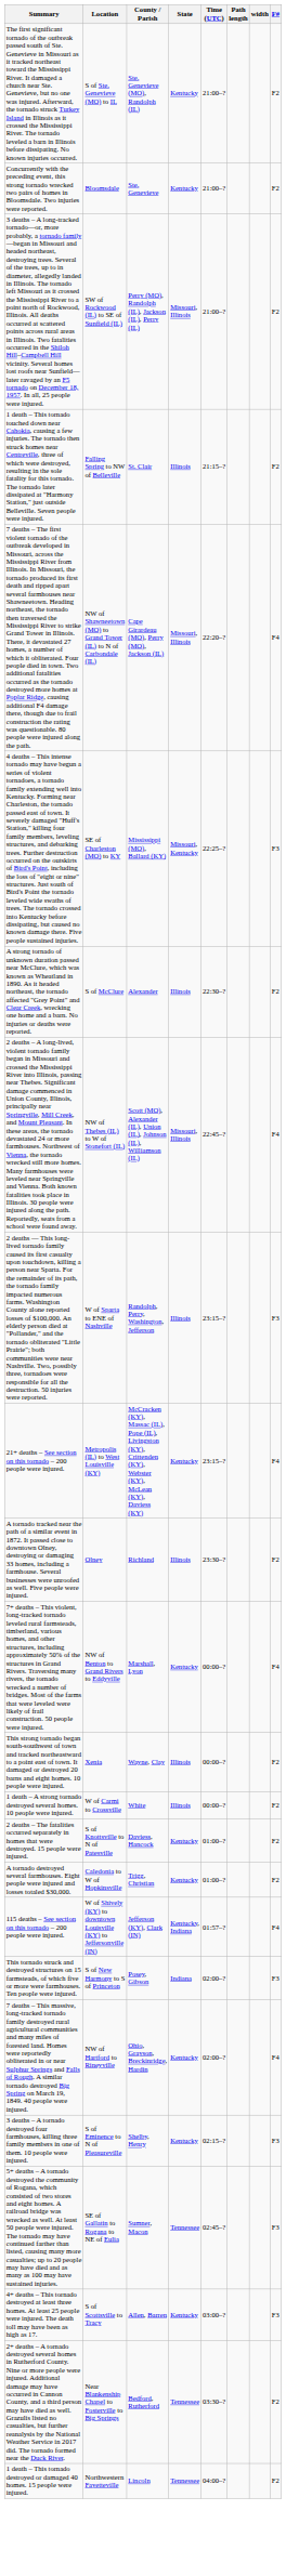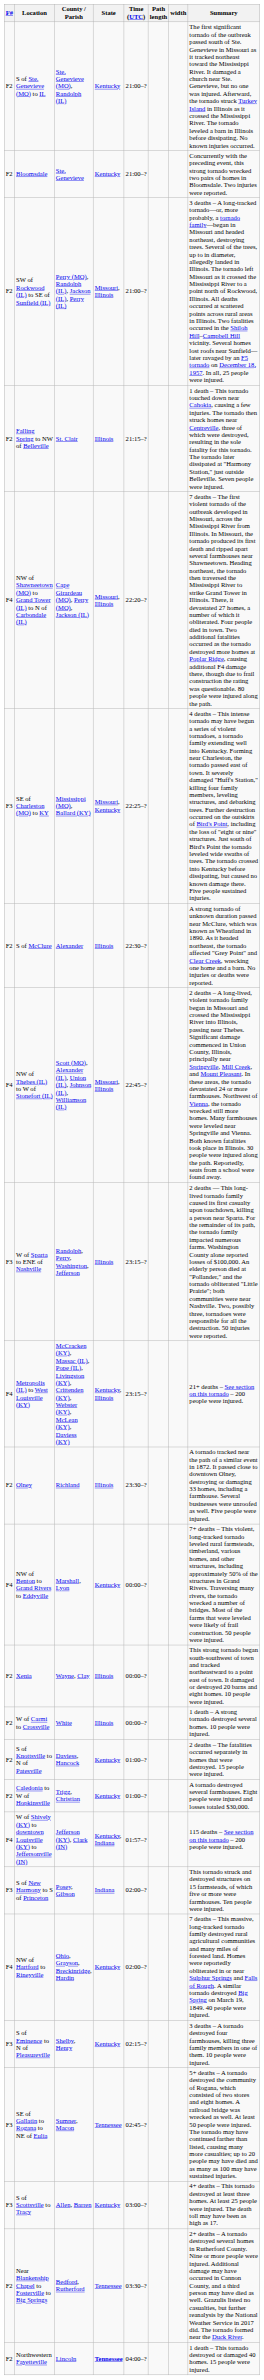 <table class="wikitable sortable" style="width:100%;">
 <tr>
-<th scope="col" class="unsortable" style="width:48%; text-align:center;">Summary</th>
+<th scope="col"  style="width:3%; text-align:center;"><a href='#'>F#</a></th>
 <th scope="col"  style="width:7%; text-align:center;" class="unsortable">Location</th>
 <th scope="col"  style="width:6%; text-align:center;" class="unsortable">County / Parish</th>
 <th scope="col"  style="width:5%; text-align:center;">State</th>
 <th scope="col"  style="width:6%; text-align:center;">Time (<a href='#'>UTC</a>)</th>
 <th scope="col"  style="width:6%; text-align:center;">Path length</th>
 <th scope="col"  style="width:6%; text-align:center;"> width</th>
-<th scope="col"  style="width:3%; text-align:center;"><a href='#'>F#</a></th>
+<th scope="col" class="unsortable" style="width:48%; text-align:center;">Summary</th>
 </tr>
 <tr>
-<td>The first significant tornado of the outbreak passed  south of Ste. Genevieve in Missouri as it tracked northeast toward the Mississippi River. It damaged a church near Ste. Genevieve, but no one was injured. Afterward, the tornado struck <a href='#'>Turkey Island</a> in Illinois as it crossed the Mississippi River. The tornado leveled a barn in Illinois before dissipating. No known injuries occurred.</td>
+<td>F2</td>
 <td>S of <a href='#'>Ste. Genevieve (MO)</a> to <a href='#'>IL</a></td>
 <td><a href='#'>Ste. Genevieve (MO)</a>, <a href='#'>Randolph (IL)</a></td>
 <td><a href='#'>Kentucky</a></td>
 <td>21:00–?</td>
 <td></td>
 <td></td>
-<td>F2</td>
+<td>The first significant tornado of the outbreak passed  south of Ste. Genevieve in Missouri as it tracked northeast toward the Mississippi River. It damaged a church near Ste. Genevieve, but no one was injured. Afterward, the tornado struck <a href='#'>Turkey Island</a> in Illinois as it crossed the Mississippi River. The tornado leveled a barn in Illinois before dissipating. No known injuries occurred.</td>
 </tr>
 <tr>
-<td>Concurrently with the preceding event, this strong tornado wrecked two pairs of homes in Bloomsdale. Two injuries were reported.</td>
+<td>F2</td>
 <td><a href='#'>Bloomsdale</a></td>
 <td><a href='#'>Ste. Genevieve</a></td>
 <td><a href='#'>Kentucky</a></td>
 <td>21:00–?</td>
 <td></td>
 <td></td>
-<td>F2</td>
+<td>Concurrently with the preceding event, this strong tornado wrecked two pairs of homes in Bloomsdale. Two injuries were reported.</td>
 </tr>
 <tr>
-<td>3 deaths – A long-tracked tornado—or, more probably, a <a href='#'>tornado family</a>—began in Missouri and headed northeast, destroying trees. Several of the trees, up to  in diameter, allegedly landed in Illinois. The tornado left Missouri as it crossed the Mississippi River to a point north of Rockwood, Illinois. All deaths occurred at scattered points across rural areas in Illinois. Two fatalities occurred in the <a href='#'>Shiloh Hill</a>–<a href='#'>Campbell Hill</a> vicinity. Several homes lost roofs near Sunfield—later ravaged by an <a href='#'>F5 tornado</a> on <a href='#'>December 18, 1957</a>. In all, 25 people were injured.</td>
+<td>F2</td>
 <td>SW of <a href='#'>Rockwood (IL)</a> to SE of <a href='#'>Sunfield (IL)</a></td>
 <td><a href='#'>Perry (MO)</a>, <a href='#'>Randolph (IL)</a>, <a href='#'>Jackson (IL)</a>, <a href='#'>Perry (IL)</a></td>
 <td><a href='#'>Missouri</a>, <a href='#'>Illinois</a></td>
 <td>21:00–?</td>
 <td></td>
 <td></td>
-<td>F2</td>
+<td>3 deaths – A long-tracked tornado—or, more probably, a <a href='#'>tornado family</a>—began in Missouri and headed northeast, destroying trees. Several of the trees, up to  in diameter, allegedly landed in Illinois. The tornado left Missouri as it crossed the Mississippi River to a point north of Rockwood, Illinois. All deaths occurred at scattered points across rural areas in Illinois. Two fatalities occurred in the <a href='#'>Shiloh Hill</a>–<a href='#'>Campbell Hill</a> vicinity. Several homes lost roofs near Sunfield—later ravaged by an <a href='#'>F5 tornado</a> on <a href='#'>December 18, 1957</a>. In all, 25 people were injured.</td>
 </tr>
 <tr>
-<td>1 death – This tornado touched down near <a href='#'>Cahokia</a>, causing a few injuries. The tornado then struck homes near <a href='#'>Centreville</a>, three of which were destroyed, resulting in the sole fatality for this tornado. The tornado later dissipated at "Harmony Station," just outside Belleville. Seven people were injured.</td>
+<td>F2</td>
 <td><a href='#'>Falling Spring</a> to NW of <a href='#'>Belleville</a></td>
 <td><a href='#'>St. Clair</a></td>
 <td><a href='#'>Illinois</a></td>
 <td>21:15–?</td>
 <td></td>
 <td></td>
-<td>F2</td>
+<td>1 death – This tornado touched down near <a href='#'>Cahokia</a>, causing a few injuries. The tornado then struck homes near <a href='#'>Centreville</a>, three of which were destroyed, resulting in the sole fatality for this tornado. The tornado later dissipated at "Harmony Station," just outside Belleville. Seven people were injured.</td>
 </tr>
 <tr>
-<td>7 deaths – The first violent tornado of the outbreak developed in Missouri, across the Mississippi River from Illinois. In Missouri, the tornado produced its first death and ripped apart several farmhouses near Shawneetown. Heading northeast, the tornado then traversed the Mississippi River to strike Grand Tower in Illinois. There, it devastated 27 homes, a number of which it obliterated. Four people died in town. Two additional fatalities occurred as the tornado destroyed more homes at <a href='#'>Poplar Ridge</a>, causing additional F4 damage there, though due to frail construction the rating was questionable. 80 people were injured along the path.</td>
+<td>F4</td>
 <td>NW of <a href='#'>Shawneetown (MO)</a> to <a href='#'>Grand Tower (IL)</a> to N of <a href='#'>Carbondale (IL)</a></td>
 <td><a href='#'>Cape Girardeau (MO)</a>, <a href='#'>Perry (MO)</a>, <a href='#'>Jackson (IL)</a></td>
 <td><a href='#'>Missouri</a>, <a href='#'>Illinois</a></td>
 <td>22:20–?</td>
 <td></td>
 <td></td>
-<td>F4</td>
+<td>7 deaths – The first violent tornado of the outbreak developed in Missouri, across the Mississippi River from Illinois. In Missouri, the tornado produced its first death and ripped apart several farmhouses near Shawneetown. Heading northeast, the tornado then traversed the Mississippi River to strike Grand Tower in Illinois. There, it devastated 27 homes, a number of which it obliterated. Four people died in town. Two additional fatalities occurred as the tornado destroyed more homes at <a href='#'>Poplar Ridge</a>, causing additional F4 damage there, though due to frail construction the rating was questionable. 80 people were injured along the path.</td>
 </tr>
 <tr>
-<td>4 deaths – This intense tornado may have begun a series of violent tornadoes, a tornado family extending well into Kentucky. Forming near Charleston, the tornado passed  east of town. It severely damaged "Huff's Station," killing four family members, leveling structures, and debarking trees. Further destruction occurred on the outskirts of <a href='#'>Bird's Point</a>, including the loss of "eight or nine" structures. Just south of Bird's Point the tornado leveled wide swaths of trees. The tornado crossed into Kentucky before dissipating, but caused no known damage there. Five people sustained injuries.</td>
+<td>F3</td>
 <td>SE of <a href='#'>Charleston (MO)</a> to <a href='#'>KY</a></td>
 <td><a href='#'>Mississippi (MO)</a>, <a href='#'>Ballard (KY)</a></td>
 <td><a href='#'>Missouri</a>, <a href='#'>Kentucky</a></td>
 <td>22:25–?</td>
 <td></td>
 <td></td>
-<td>F3</td>
+<td>4 deaths – This intense tornado may have begun a series of violent tornadoes, a tornado family extending well into Kentucky. Forming near Charleston, the tornado passed  east of town. It severely damaged "Huff's Station," killing four family members, leveling structures, and debarking trees. Further destruction occurred on the outskirts of <a href='#'>Bird's Point</a>, including the loss of "eight or nine" structures. Just south of Bird's Point the tornado leveled wide swaths of trees. The tornado crossed into Kentucky before dissipating, but caused no known damage there. Five people sustained injuries.</td>
 </tr>
 <tr>
-<td>A strong tornado of unknown duration passed near McClure, which was known as Wheatland in 1890. As it headed northeast, the tornado affected "Grey Point" and <a href='#'>Clear Creek</a>, wrecking one home and a barn. No injuries or deaths were reported.</td>
+<td>F2</td>
 <td>S of <a href='#'>McClure</a></td>
 <td><a href='#'>Alexander</a></td>
 <td><a href='#'>Illinois</a></td>
 <td>22:30–?</td>
 <td></td>
 <td></td>
-<td>F2</td>
+<td>A strong tornado of unknown duration passed near McClure, which was known as Wheatland in 1890. As it headed northeast, the tornado affected "Grey Point" and <a href='#'>Clear Creek</a>, wrecking one home and a barn. No injuries or deaths were reported.</td>
 </tr>
 <tr>
-<td>2 deaths – A long-lived, violent tornado family began in Missouri and crossed the Mississippi River into Illinois, passing near Thebes. Significant damage commenced in Union County, Illinois, principally near <a href='#'>Springville</a>, <a href='#'>Mill Creek</a>, and <a href='#'>Mount Pleasant</a>. In these areas, the tornado devastated 24 or more farmhouses. Northwest of <a href='#'>Vienna</a>, the tornado wrecked still more homes. Many farmhouses were leveled near Springville and Vienna. Both known fatalities took place in Illinois. 30 people were injured along the path. Reportedly, seats from a school were found  away.</td>
+<td>F4</td>
 <td>NW of <a href='#'>Thebes (IL)</a> to W of <a href='#'>Stonefort (IL)</a></td>
 <td><a href='#'>Scott (MO)</a>, <a href='#'>Alexander (IL)</a>, <a href='#'>Union (IL)</a>, <a href='#'>Johnson (IL)</a>, <a href='#'>Williamson (IL)</a></td>
 <td><a href='#'>Missouri</a>, <a href='#'>Illinois</a></td>
 <td>22:45–?</td>
 <td></td>
 <td></td>
-<td>F4</td>
+<td>2 deaths – A long-lived, violent tornado family began in Missouri and crossed the Mississippi River into Illinois, passing near Thebes. Significant damage commenced in Union County, Illinois, principally near <a href='#'>Springville</a>, <a href='#'>Mill Creek</a>, and <a href='#'>Mount Pleasant</a>. In these areas, the tornado devastated 24 or more farmhouses. Northwest of <a href='#'>Vienna</a>, the tornado wrecked still more homes. Many farmhouses were leveled near Springville and Vienna. Both known fatalities took place in Illinois. 30 people were injured along the path. Reportedly, seats from a school were found  away.</td>
 </tr>
 <tr>
-<td>2 deaths — This long-lived tornado family caused its first casualty upon touchdown, killing a person near Sparta. For the remainder of its path, the tornado family impacted numerous farms. Washington County alone reported losses of $100,000. An elderly person died at "Pollander," and the tornado obliterated "Little Prairie"; both communities were near Nashville. Two, possibly three, tornadoes were responsible for all the destruction. 50 injuries were reported.</td>
+<td>F3</td>
 <td>W of <a href='#'>Sparta</a> to ENE of <a href='#'>Nashville</a></td>
 <td><a href='#'>Randolph</a>, <a href='#'>Perry</a>, <a href='#'>Washington</a>, <a href='#'>Jefferson</a></td>
 <td><a href='#'>Illinois</a></td>
 <td>23:15–?</td>
 <td></td>
 <td></td>
-<td>F3</td>
+<td>2 deaths — This long-lived tornado family caused its first casualty upon touchdown, killing a person near Sparta. For the remainder of its path, the tornado family impacted numerous farms. Washington County alone reported losses of $100,000. An elderly person died at "Pollander," and the tornado obliterated "Little Prairie"; both communities were near Nashville. Two, possibly three, tornadoes were responsible for all the destruction. 50 injuries were reported.</td>
 </tr>
 <tr>
-<td>21+ deaths – <a href='#'>See section on this tornado</a> – 200 people were injured.</td>
+<td>F4</td>
 <td><a href='#'>Metropolis (IL)</a> to <a href='#'>West Louisville (KY)</a></td>
 <td><a href='#'>McCracken (KY)</a>, <a href='#'>Massac (IL)</a>, <a href='#'>Pope (IL)</a>, <a href='#'>Livingston (KY)</a>, <a href='#'>Crittenden (KY)</a>, <a href='#'>Webster (KY)</a>, <a href='#'>McLean (KY)</a>, <a href='#'>Daviess (KY)</a></td>
-<td><a href='#'>Kentucky</a></td>
+<td><a href='#'>Kentucky</a>, <a href='#'>Illinois</a></td>
 <td>23:15–?</td>
 <td></td>
 <td></td>
-<td>F4</td>
+<td>21+ deaths – <a href='#'>See section on this tornado</a> – 200 people were injured.</td>
 </tr>
 <tr>
-<td>A tornado tracked near the path of a similar event in 1872. It passed close to downtown Olney, destroying or damaging 33 homes, including a farmhouse. Several businesses were unroofed as well. Five people were injured.</td>
+<td>F2</td>
 <td><a href='#'>Olney</a></td>
 <td><a href='#'>Richland</a></td>
 <td><a href='#'>Illinois</a></td>
 <td>23:30–?</td>
 <td></td>
 <td></td>
-<td>F2</td>
+<td>A tornado tracked near the path of a similar event in 1872. It passed close to downtown Olney, destroying or damaging 33 homes, including a farmhouse. Several businesses were unroofed as well. Five people were injured.</td>
 </tr>
 <tr>
-<td>7+ deaths – This violent, long-tracked tornado leveled rural farmsteads, timberland, various homes, and other structures, including approximately 50% of the structures in Grand Rivers. Traversing many rivers, the tornado wrecked a number of bridges. Most of the farms that were leveled were likely of frail construction. 50 people were injured.</td>
+<td>F4</td>
 <td>NW of <a href='#'>Benton</a> to <a href='#'>Grand Rivers</a> to <a href='#'>Eddyville</a></td>
 <td><a href='#'>Marshall</a>, <a href='#'>Lyon</a></td>
 <td><a href='#'>Kentucky</a></td>
 <td>00:00–?</td>
 <td></td>
 <td></td>
-<td>F4</td>
+<td>7+ deaths – This violent, long-tracked tornado leveled rural farmsteads, timberland, various homes, and other structures, including approximately 50% of the structures in Grand Rivers. Traversing many rivers, the tornado wrecked a number of bridges. Most of the farms that were leveled were likely of frail construction. 50 people were injured.</td>
 </tr>
 <tr>
-<td>This strong tornado began south-southwest of town and tracked northeastward to a point east of town. It damaged or destroyed 20 barns and eight homes. 10 people were injured.</td>
+<td>F2</td>
 <td><a href='#'>Xenia</a></td>
 <td><a href='#'>Wayne</a>, <a href='#'>Clay</a></td>
 <td><a href='#'>Illinois</a></td>
 <td>00:00–?</td>
 <td></td>
 <td></td>
-<td>F2</td>
+<td>This strong tornado began south-southwest of town and tracked northeastward to a point east of town. It damaged or destroyed 20 barns and eight homes. 10 people were injured.</td>
 </tr>
 <tr>
-<td>1 death – A strong tornado destroyed several homes. 10 people were injured.</td>
+<td>F2</td>
 <td>W of <a href='#'>Carmi</a> to <a href='#'>Crossville</a></td>
 <td><a href='#'>White</a></td>
 <td><a href='#'>Illinois</a></td>
 <td>00:00–?</td>
 <td></td>
 <td></td>
-<td>F2</td>
+<td>1 death – A strong tornado destroyed several homes. 10 people were injured.</td>
 </tr>
 <tr>
-<td>2 deaths – The fatalities occurred separately in homes that were destroyed. 15 people were injured.</td>
+<td>F2</td>
 <td>S of <a href='#'>Knottsville</a> to N of <a href='#'>Patesville</a></td>
 <td><a href='#'>Daviess</a>, <a href='#'>Hancock</a></td>
 <td><a href='#'>Kentucky</a></td>
 <td>01:00–?</td>
 <td></td>
 <td></td>
-<td>F2</td>
+<td>2 deaths – The fatalities occurred separately in homes that were destroyed. 15 people were injured.</td>
 </tr>
 <tr>
-<td>A tornado destroyed several farmhouses. Eight people were injured and losses totaled $30,000.</td>
+<td>F2</td>
 <td><a href='#'>Caledonia</a> to W of <a href='#'>Hopkinsville</a></td>
 <td><a href='#'>Trigg</a>, <a href='#'>Christian</a></td>
 <td><a href='#'>Kentucky</a></td>
 <td>01:00–?</td>
 <td></td>
 <td></td>
-<td>F2</td>
+<td>A tornado destroyed several farmhouses. Eight people were injured and losses totaled $30,000.</td>
 </tr>
 <tr>
-<td>115 deaths – <a href='#'>See section on this tornado</a> – 200 people were injured.</td>
+<td>F4</td>
 <td>W of <a href='#'>Shively (KY)</a> to <a href='#'>downtown Louisville (KY)</a> to <a href='#'>Jeffersonville (IN)</a></td>
 <td><a href='#'>Jefferson (KY)</a>, <a href='#'>Clark (IN)</a></td>
 <td><a href='#'>Kentucky</a>, <a href='#'>Indiana</a></td>
 <td>01:57–?</td>
 <td></td>
 <td></td>
-<td>F4</td>
+<td>115 deaths – <a href='#'>See section on this tornado</a> – 200 people were injured.</td>
 </tr>
 <tr>
-<td>This tornado struck and destroyed structures on 15 farmsteads, of which five or more were farmhouses. Ten people were injured.</td>
+<td>F3</td>
 <td>S of <a href='#'>New Harmony</a> to S of <a href='#'>Princeton</a></td>
 <td><a href='#'>Posey</a>, <a href='#'>Gibson</a></td>
 <td><a href='#'>Indiana</a></td>
 <td>02:00–?</td>
 <td></td>
 <td></td>
-<td>F3</td>
+<td>This tornado struck and destroyed structures on 15 farmsteads, of which five or more were farmhouses. Ten people were injured.</td>
 </tr>
 <tr>
-<td>7 deaths – This massive, long-tracked tornado family destroyed rural agricultural communities and many miles of forested land. Homes were reportedly obliterated in or near <a href='#'>Sulphur Springs</a> and <a href='#'>Falls of Rough</a>. A similar tornado destroyed <a href='#'>Big Spring</a> on March 19, 1849. 40 people were injured.</td>
+<td>F4</td>
 <td>NW of <a href='#'>Hartford</a> to <a href='#'>Rineyville</a></td>
 <td><a href='#'>Ohio</a>, <a href='#'>Grayson</a>, <a href='#'>Breckinridge</a>, <a href='#'>Hardin</a></td>
 <td><a href='#'>Kentucky</a></td>
 <td>02:00–?</td>
 <td></td>
 <td></td>
-<td>F4</td>
+<td>7 deaths – This massive, long-tracked tornado family destroyed rural agricultural communities and many miles of forested land. Homes were reportedly obliterated in or near <a href='#'>Sulphur Springs</a> and <a href='#'>Falls of Rough</a>. A similar tornado destroyed <a href='#'>Big Spring</a> on March 19, 1849. 40 people were injured.</td>
 </tr>
 <tr>
-<td>3 deaths – A tornado destroyed four farmhouses, killing three family members in one of them. 10 people were injured.</td>
+<td>F3</td>
 <td>S of <a href='#'>Eminence</a> to N of <a href='#'>Pleasureville</a></td>
 <td><a href='#'>Shelby</a>, <a href='#'>Henry</a></td>
 <td><a href='#'>Kentucky</a></td>
 <td>02:15–?</td>
 <td></td>
 <td></td>
-<td>F3</td>
+<td>3 deaths – A tornado destroyed four farmhouses, killing three family members in one of them. 10 people were injured.</td>
 </tr>
 <tr>
-<td>5+ deaths – A tornado destroyed the community of Rogana, which consisted of two stores and eight homes. A railroad bridge was wrecked as well. At least 50 people were injured. The tornado may have continued farther than listed, causing many more casualties; up to 20 people may have died and as many as 100 may have sustained injuries.</td>
+<td>F3</td>
 <td>SE of <a href='#'>Gallatin</a> to <a href='#'>Rogana</a> to NE of <a href='#'>Eulia</a></td>
 <td><a href='#'>Sumner</a>, <a href='#'>Macon</a></td>
 <td><a href='#'>Tennessee</a></td>
 <td>02:45–?</td>
 <td></td>
 <td></td>
-<td>F3</td>
+<td>5+ deaths – A tornado destroyed the community of Rogana, which consisted of two stores and eight homes. A railroad bridge was wrecked as well. At least 50 people were injured. The tornado may have continued farther than listed, causing many more casualties; up to 20 people may have died and as many as 100 may have sustained injuries.</td>
 </tr>
 <tr>
-<td>4+ deaths – This tornado destroyed at least three homes. At least 25 people were injured. The death toll may have been as high as 17.</td>
+<td>F3</td>
 <td>S of <a href='#'>Scottsville</a> to <a href='#'>Tracy</a></td>
 <td><a href='#'>Allen</a>, <a href='#'>Barren</a></td>
 <td><a href='#'>Kentucky</a></td>
 <td>03:00–?</td>
 <td></td>
 <td></td>
-<td>F3</td>
+<td>4+ deaths – This tornado destroyed at least three homes. At least 25 people were injured. The death toll may have been as high as 17.</td>
 </tr>
 <tr>
-<td>2+ deaths – A tornado destroyed several homes in Rutherford County. Nine or more people were injured. Additional damage may have occurred in Cannon County, and a third person may have died as well. Grazulis listed no casualties, but further reanalysis by the National Weather Service in 2017 did. The tornado formed near the <a href='#'>Duck River</a>.</td>
+<td>F2</td>
 <td>Near <a href='#'>Blankenship Chapel</a> to <a href='#'>Fosterville</a> to <a href='#'>Big Springs</a></td>
 <td><a href='#'>Bedford</a>, <a href='#'>Rutherford</a></td>
 <td><a href='#'>Tennessee</a></td>
 <td>03:30–?</td>
 <td></td>
 <td></td>
-<td>F2</td>
+<td>2+ deaths – A tornado destroyed several homes in Rutherford County. Nine or more people were injured. Additional damage may have occurred in Cannon County, and a third person may have died as well. Grazulis listed no casualties, but further reanalysis by the National Weather Service in 2017 did. The tornado formed near the <a href='#'>Duck River</a>.</td>
 </tr>
 <tr>
-<td>1 death – This tornado destroyed or damaged 40 homes. 15 people were injured.</td>
+<td>F2</td>
 <td>Northwestern <a href='#'>Fayetteville</a></td>
 <td><a href='#'>Lincoln</a></td>
-<td><a href='#'>Tennessee</a></td>
+<td><strong><a href='#'>Tennessee</a></strong></td>
 <td>04:00–?</td>
 <td></td>
 <td></td>
-<td>F2</td>
+<td>1 death – This tornado destroyed or damaged 40 homes. 15 people were injured.</td>
 </tr>
 </table>
